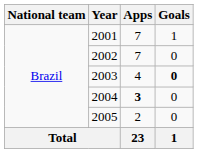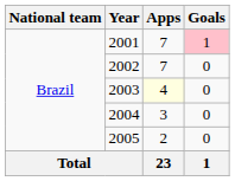 <table class="wikitable" style="text-align:center">
 <tr>
 <th>National team</th>
 <th>Year</th>
 <th>Apps</th>
 <th>Goals</th>
 </tr>
 <tr>
 <td rowspan="5"><a href='#'>Brazil</a></td>
 <td>2001</td>
 <td>7</td>
-<td>1</td>
+<td style="background: pink;">1</td>
 </tr>
 <tr>
 <td>2002</td>
 <td>7</td>
 <td>0</td>
 </tr>
 <tr>
 <td>2003</td>
-<td>4</td>
-<td><strong>0</strong></td>
+<td style="background: lightyellow;">4</td>
+<td>0</td>
 </tr>
 <tr>
 <td>2004</td>
-<td><strong>3</strong></td>
+<td>3</td>
 <td>0</td>
 </tr>
 <tr>
 <td>2005</td>
 <td>2</td>
 <td>0</td>
 </tr>
 <tr>
 <th colspan="2">Total</th>
 <th>23</th>
 <th>1</th>
 </tr>
 </table>
